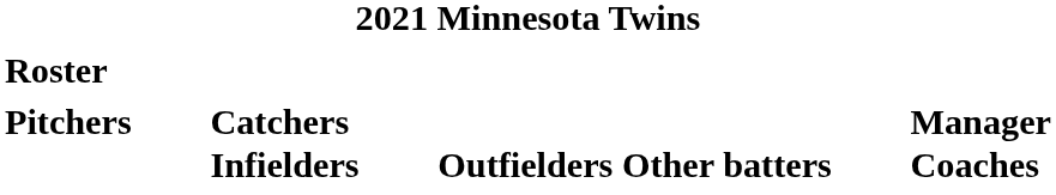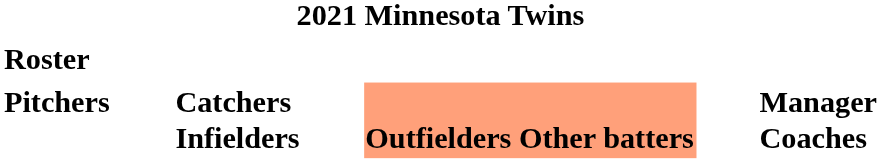 <table class="toccolours" style="font-size: 95%;">
 <tr>
 <th colspan="10">2021 Minnesota Twins</th>
 </tr>
 <tr>
 <td colspan="10"><strong>Roster</strong></td>
 </tr>
 <tr>
 <td valign="top"><strong>Pitchers</strong><br>                                 </td>
 <td style="width:25px;"></td>
 <td valign="top"><strong>Catchers</strong><br>   <strong>Infielders</strong>        </td>
 <td style="width:25px;"></td>
-<td valign="top"><br><strong>Outfielders</strong>            <strong>Other batters</strong> </td>
+<td valign="top" style="background: lightsalmon;"><br><strong>Outfielders</strong>            <strong>Other batters</strong> </td>
 <td style="width:25px;"></td>
 <td valign="top"><strong>Manager</strong><br> <strong>Coaches</strong>                          </td>
 </tr>
 </table>
